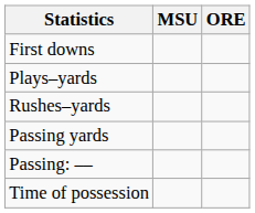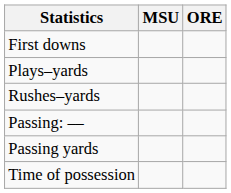 <table class="wikitable" style="float:left">
 <tr>
 <th>Statistics</th>
 <th>MSU</th>
 <th>ORE</th>
 </tr>
 <tr>
 <td>First downs</td>
 <td></td>
 <td></td>
 </tr>
 <tr>
 <td>Plays–yards</td>
 <td></td>
 <td></td>
 </tr>
 <tr>
 <td>Rushes–yards</td>
 <td></td>
 <td></td>
 </tr>
 <tr>
-<td>Passing yards</td>
+<td>Passing: ––</td>
 <td></td>
 <td></td>
 </tr>
 <tr>
-<td>Passing: ––</td>
+<td>Passing yards</td>
 <td></td>
 <td></td>
 </tr>
 <tr>
 <td>Time of possession</td>
 <td></td>
 <td></td>
 </tr>
 </table>
